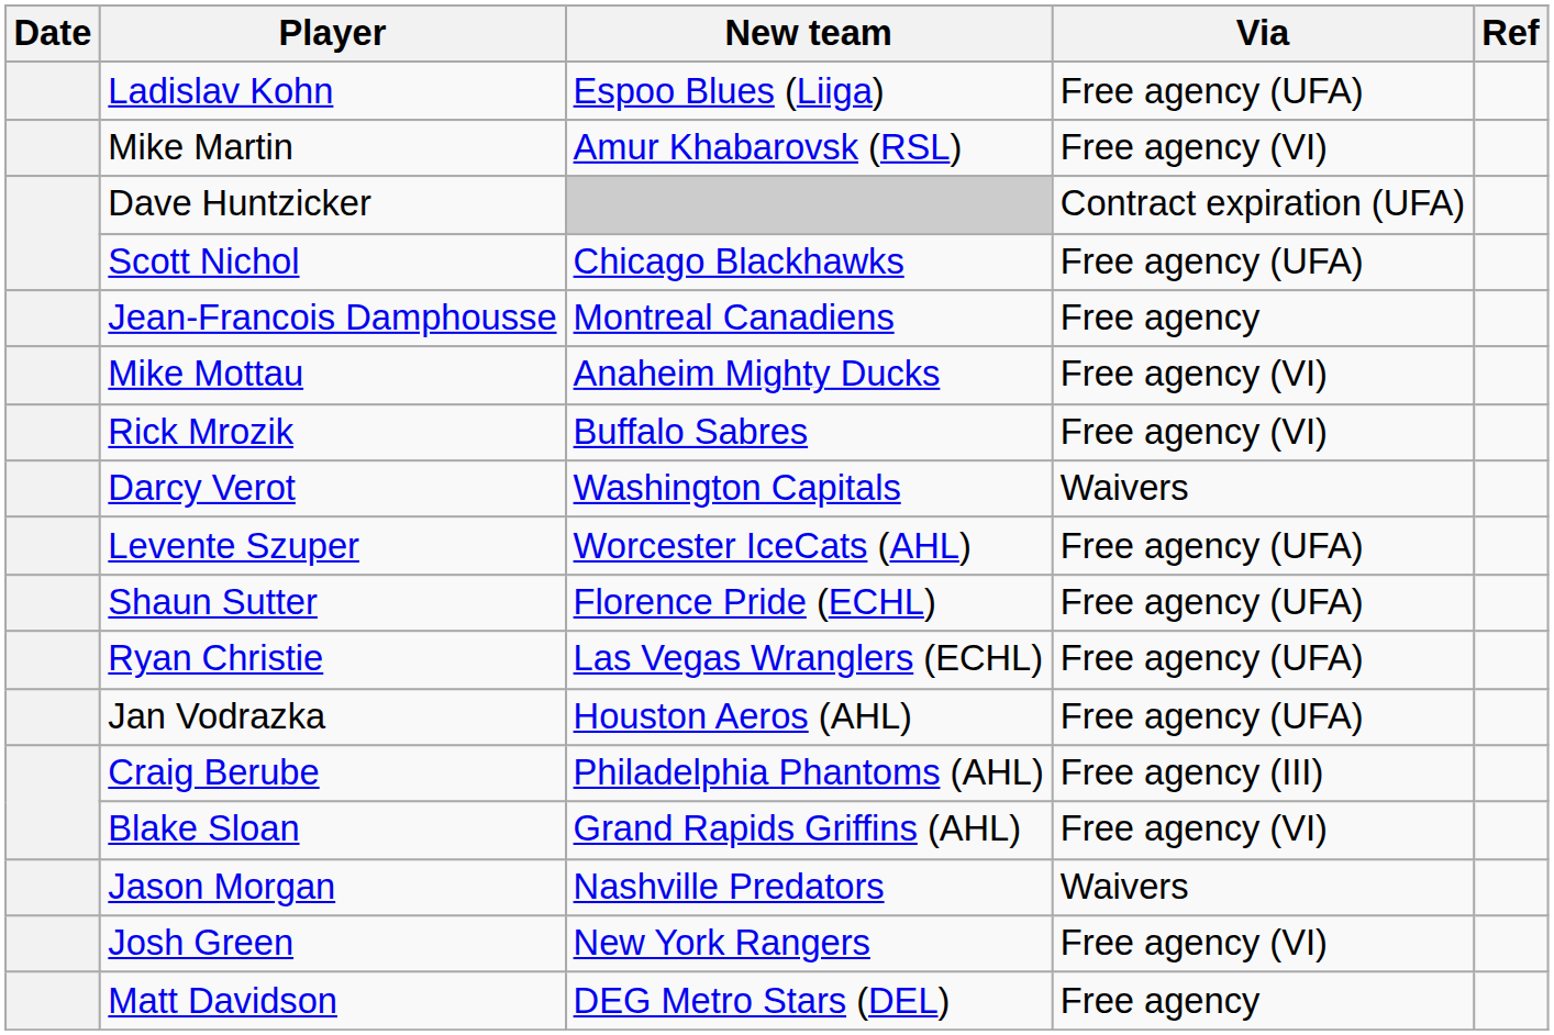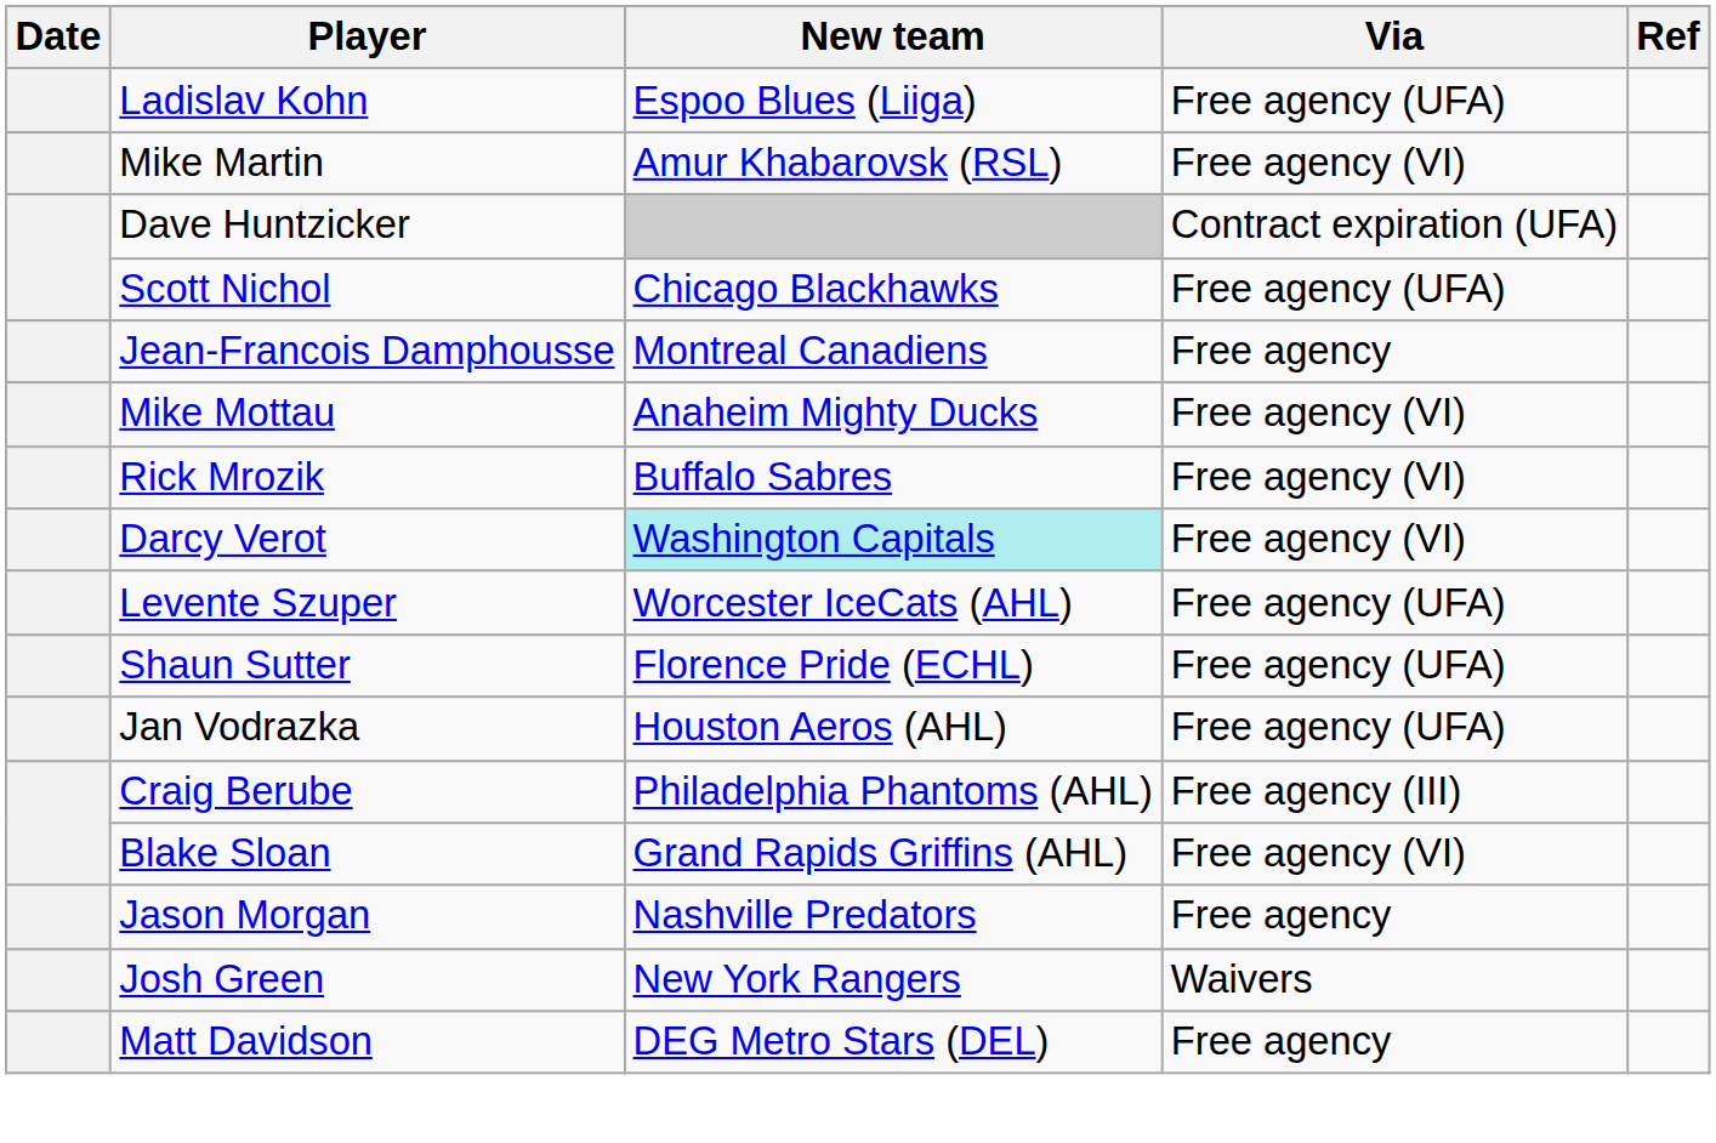 <table class="wikitable plainrowheaders">
 <tr style="background:#ddd; text-align:center;">
 <th>Date</th>
 <th>Player</th>
 <th>New team</th>
 <th>Via</th>
 <th>Ref</th>
 </tr>
 <tr>
 <th scope="row"></th>
 <td><a href='#'>Ladislav Kohn</a></td>
 <td><a href='#'>Espoo Blues</a> (<a href='#'>Liiga</a>)</td>
 <td>Free agency (UFA)</td>
 <td></td>
 </tr>
 <tr>
 <th scope="row"></th>
 <td>Mike Martin</td>
 <td><a href='#'>Amur Khabarovsk</a> (<a href='#'>RSL</a>)</td>
 <td>Free agency (VI)</td>
 <td></td>
 </tr>
 <tr>
 <th scope="row" rowspan=2></th>
 <td>Dave Huntzicker</td>
 <td style="background:#ccc"></td>
 <td>Contract expiration (UFA)</td>
 <td></td>
 </tr>
 <tr>
 <td><a href='#'>Scott Nichol</a></td>
 <td><a href='#'>Chicago Blackhawks</a></td>
 <td>Free agency (UFA)</td>
 <td></td>
 </tr>
 <tr>
 <th scope="row"></th>
 <td><a href='#'>Jean-Francois Damphousse</a></td>
 <td><a href='#'>Montreal Canadiens</a></td>
 <td>Free agency</td>
 <td></td>
 </tr>
 <tr>
 <th scope="row"></th>
 <td><a href='#'>Mike Mottau</a></td>
 <td><a href='#'>Anaheim Mighty Ducks</a></td>
 <td>Free agency (VI)</td>
 <td></td>
 </tr>
 <tr>
 <th scope="row"></th>
 <td><a href='#'>Rick Mrozik</a></td>
 <td><a href='#'>Buffalo Sabres</a></td>
 <td>Free agency (VI)</td>
 <td></td>
 </tr>
 <tr>
 <th scope="row"></th>
 <td><a href='#'>Darcy Verot</a></td>
-<td><a href='#'>Washington Capitals</a></td>
-<td>Waivers</td>
+<td style="background: paleturquoise;"><a href='#'>Washington Capitals</a></td>
+<td>Free agency (VI)</td>
 <td></td>
 </tr>
 <tr>
 <th scope="row"></th>
 <td><a href='#'>Levente Szuper</a></td>
 <td><a href='#'>Worcester IceCats</a> (<a href='#'>AHL</a>)</td>
 <td>Free agency (UFA)</td>
 <td></td>
 </tr>
 <tr>
 <th scope="row"></th>
 <td><a href='#'>Shaun Sutter</a></td>
 <td><a href='#'>Florence Pride</a> (<a href='#'>ECHL</a>)</td>
-<td>Free agency (UFA)</td>
-<td></td>
-</tr>
-<tr>
-<th scope="row"></th>
-<td><a href='#'>Ryan Christie</a></td>
-<td><a href='#'>Las Vegas Wranglers</a> (ECHL)</td>
 <td>Free agency (UFA)</td>
 <td></td>
 </tr>
 <tr>
 <th scope="row"></th>
 <td>Jan Vodrazka</td>
 <td><a href='#'>Houston Aeros</a> (AHL)</td>
 <td>Free agency (UFA)</td>
 <td></td>
 </tr>
 <tr>
 <th scope="row" rowspan=2></th>
 <td><a href='#'>Craig Berube</a></td>
 <td><a href='#'>Philadelphia Phantoms</a> (AHL)</td>
 <td>Free agency (III)</td>
 <td></td>
 </tr>
 <tr>
 <td><a href='#'>Blake Sloan</a></td>
 <td><a href='#'>Grand Rapids Griffins</a> (AHL)</td>
 <td>Free agency (VI)</td>
 <td></td>
 </tr>
 <tr>
 <th scope="row"></th>
 <td><a href='#'>Jason Morgan</a></td>
 <td><a href='#'>Nashville Predators</a></td>
-<td>Waivers</td>
+<td>Free agency</td>
 <td></td>
 </tr>
 <tr>
 <th scope="row"></th>
 <td><a href='#'>Josh Green</a></td>
 <td><a href='#'>New York Rangers</a></td>
-<td>Free agency (VI)</td>
+<td>Waivers</td>
 <td></td>
 </tr>
 <tr>
 <th scope="row"></th>
 <td><a href='#'>Matt Davidson</a></td>
 <td><a href='#'>DEG Metro Stars</a> (<a href='#'>DEL</a>)</td>
 <td>Free agency</td>
 <td></td>
 </tr>
 </table>
